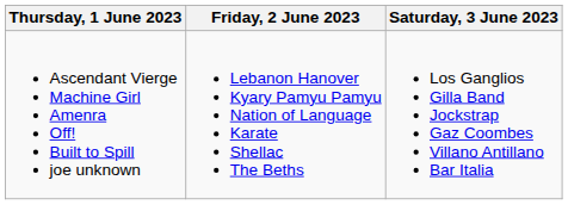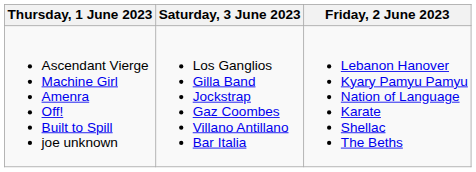 <table class="wikitable">
 <tr>
 <th>Thursday, 1 June 2023</th>
+<th>Saturday, 3 June 2023</th>
 <th>Friday, 2 June 2023</th>
-<th>Saturday, 3 June 2023</th>
 </tr>
 <tr valign="top">
 <td><br><ul><li>Ascendant Vierge</li><li><a href='#'>Machine Girl</a></li><li><a href='#'>Amenra</a></li><li><a href='#'>Off!</a></li><li><a href='#'>Built to Spill</a></li><li>joe unknown</li></ul></td>
+<td><br><ul><li>Los Ganglios</li><li><a href='#'>Gilla Band</a></li><li><a href='#'>Jockstrap</a></li><li><a href='#'>Gaz Coombes</a></li><li><a href='#'>Villano Antillano</a></li><li><a href='#'>Bar Italia</a></li></ul></td>
 <td><br><ul><li><a href='#'>Lebanon Hanover</a></li><li><a href='#'>Kyary Pamyu Pamyu</a></li><li><a href='#'>Nation of Language</a></li><li><a href='#'>Karate</a></li><li><a href='#'>Shellac</a></li><li><a href='#'>The Beths</a></li></ul></td>
-<td><br><ul><li>Los Ganglios</li><li><a href='#'>Gilla Band</a></li><li><a href='#'>Jockstrap</a></li><li><a href='#'>Gaz Coombes</a></li><li><a href='#'>Villano Antillano</a></li><li><a href='#'>Bar Italia</a></li></ul></td>
 </tr>
 </table>
